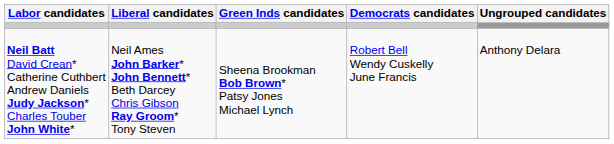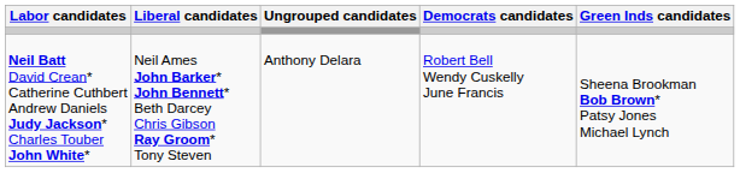 <table class="wikitable">
 <tr>
 <th><a href='#'>Labor</a> candidates</th>
 <th><a href='#'>Liberal</a> candidates</th>
+<th>Ungrouped candidates</th>
+<th><a href='#'>Democrats</a> candidates</th>
 <th><a href='#'>Green Inds</a> candidates</th>
-<th><a href='#'>Democrats</a> candidates</th>
-<th>Ungrouped candidates</th>
 </tr>
 <tr bgcolor="#cccccc">
 <td></td>
 <td></td>
+<td bgcolor="#999999"></td>
 <td></td>
 <td></td>
-<td bgcolor="#999999"></td>
 </tr>
 <tr>
 <td><br><strong><a href='#'>Neil Batt</a></strong><br> <a href='#'>David Crean</a>*<br> Catherine Cuthbert<br> Andrew Daniels<br> <strong><a href='#'>Judy Jackson</a></strong>*<br> <a href='#'>Charles Touber</a><br> <strong><a href='#'>John White</a></strong>*</td>
 <td><br>Neil Ames<br> <strong><a href='#'>John Barker</a></strong>*<br> <strong><a href='#'>John Bennett</a></strong>*<br> Beth Darcey<br> <a href='#'>Chris Gibson</a><br> <strong><a href='#'>Ray Groom</a></strong>*<br> Tony Steven</td>
+<td valign=top><br>Anthony Delara</td>
+<td valign=top><br><a href='#'>Robert Bell</a><br> Wendy Cuskelly<br> June Francis</td>
 <td><br>Sheena Brookman<br> <strong><a href='#'>Bob Brown</a></strong>*<br> Patsy Jones<br> Michael Lynch</td>
-<td valign=top><br><a href='#'>Robert Bell</a><br> Wendy Cuskelly<br> June Francis</td>
-<td valign=top><br>Anthony Delara</td>
 </tr>
 </table>
